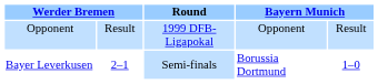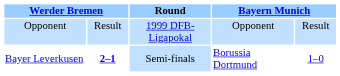 <table style="width:80%; text-align:center;">
 <tr style="vertical-align:top; background:#99CCFF;">
 <th colspan="2"><a href='#'>Werder Bremen</a></th>
 <th style="width:20%">Round</th>
 <th colspan="2"><a href='#'>Bayern Munich</a></th>
 </tr>
 <tr style="vertical-align:top; background:#C1E0FF;">
 <td style="width:20%">Opponent</td>
 <td style="width:10%">Result</td>
 <td><a href='#'>1999 DFB-Ligapokal</a></td>
 <td style="width:20%">Opponent</td>
 <td style="width:10%">Result</td>
 </tr>
 <tr>
 <td align="left"><a href='#'>Bayer Leverkusen</a></td>
-<td><a href='#'>2–1</a></td>
+<td><strong><a href='#'>2–1</a></strong></td>
 <td style="background:#C1E0FF;">Semi-finals</td>
 <td align="left"><a href='#'>Borussia Dortmund</a></td>
 <td><a href='#'>1–0</a></td>
 </tr>
 </table>
